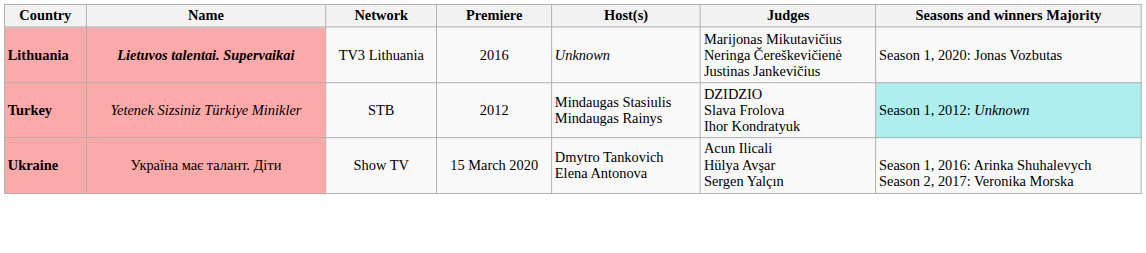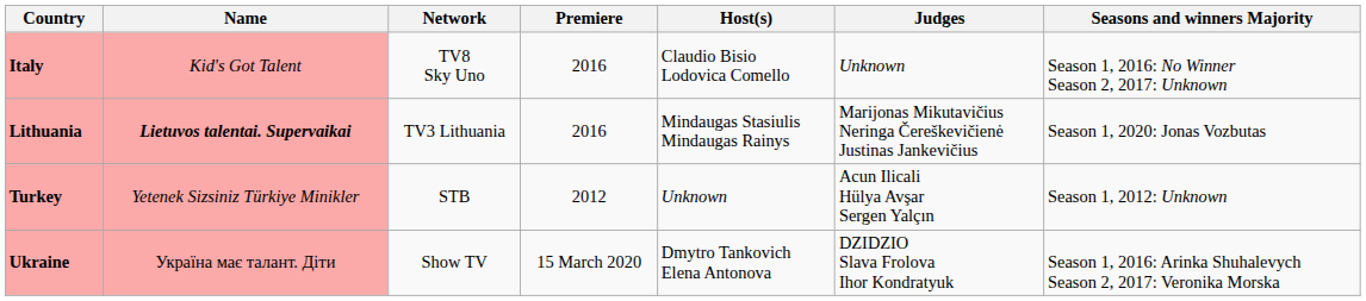 <table class="wikitable"  style="text-align:center; line-height:18px; width:100%;">
 <tr>
 <th>Country</th>
 <th>Name</th>
 <th>Network</th>
 <th>Premiere</th>
 <th>Host(s)</th>
 <th>Judges</th>
 <th>Seasons and winners Majority</th>
 </tr>
 <tr>
+<td style="background:#fca9a9; text-align:left;"><strong>Italy</strong></td>
+<td style="background:#fca9a9;"><em>Kid's Got Talent</em></td>
+<td>TV8<br>Sky Uno</td>
+<td>2016</td>
+<td style="text-align:left;">Claudio Bisio<br>Lodovica Comello</td>
+<td align="left"><em>Unknown</em></td>
+<td style="text-align:left;"><br>Season 1, 2016: <em>No Winner</em><br>Season 2, 2017: <em>Unknown</em></td>
+</tr>
+<tr>
 <td style="background:#fca9a9; text-align:left;"><strong>Lithuania</strong></td>
 <td style="background:#fca9a9;"><strong><em>Lietuvos talentai. Supervaikai</em><br></strong></td>
 <td>TV3 Lithuania</td>
 <td>2016</td>
-<td style="text-align:left;"><em>Unknown</em></td>
+<td style="text-align:left;">Mindaugas Stasiulis<br>Mindaugas Rainys</td>
 <td align="left">Marijonas Mikutavičius<br>Neringa Čereškevičienė<br>Justinas Jankevičius</td>
 <td style="text-align:left;">Season 1, 2020: Jonas Vozbutas </td>
 </tr>
 <tr>
 <td style="background:#fca9a9; text-align:left;"><strong>Turkey</strong></td>
 <td style="background:#fca9a9;"><em>Yetenek Sizsiniz Türkiye Minikler</em></td>
 <td>STB</td>
 <td>2012</td>
-<td style="text-align:left;">Mindaugas Stasiulis<br>Mindaugas Rainys</td>
-<td align="left">DZIDZIO<br>Slava Frolova<br>Ihor Kondratyuk</td>
-<td style="background: paleturquoise; text-align:left;">Season 1, 2012: <em>Unknown</em></td>
+<td style="text-align:left;"><em>Unknown</em></td>
+<td style="text-align:left;">Acun Ilicali <br>Hülya Avşar <br>Sergen Yalçın </td>
+<td style="text-align:left;">Season 1, 2012: <em>Unknown</em></td>
 </tr>
 <tr>
 <td style="background:#fca9a9; text-align:left;"><strong>Ukraine</strong></td>
 <td style="background:#fca9a9;">Україна має талант. Діти <br> </td>
 <td>Show TV</td>
 <td>15 March 2020</td>
 <td style="text-align:left;">Dmytro Tankovich <br>Elena Antonova</td>
-<td style="text-align:left;">Acun Ilicali <br>Hülya Avşar <br>Sergen Yalçın </td>
+<td align="left">DZIDZIO<br>Slava Frolova<br>Ihor Kondratyuk</td>
 <td style="text-align:left;"><br>Season 1, 2016: Arinka Shuhalevych <br>Season 2, 2017: Veronika Morska</td>
 </tr>
 </table>
